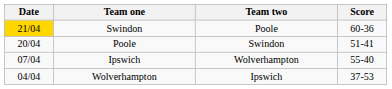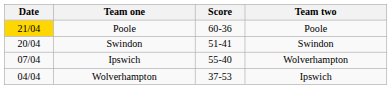 <table class="wikitable" style="text-align: center">
 <tr>
 <th width=80>Date</th>
 <th width=250>Team one</th>
+<th width=80>Score</th>
 <th width=250>Team two</th>
-<th width=80>Score</th>
 </tr>
 <tr>
 <td style="background: gold;">21/04</td>
-<td>Swindon</td>
 <td>Poole</td>
 <td>60-36</td>
+<td>Poole</td>
 </tr>
 <tr>
 <td>20/04</td>
-<td>Poole</td>
 <td>Swindon</td>
 <td>51-41</td>
+<td>Swindon</td>
 </tr>
 <tr>
 <td>07/04</td>
 <td>Ipswich</td>
+<td>55-40</td>
 <td>Wolverhampton</td>
-<td>55-40</td>
 </tr>
 <tr>
 <td>04/04</td>
 <td>Wolverhampton</td>
+<td>37-53</td>
 <td>Ipswich</td>
-<td>37-53</td>
 </tr>
 </table>
